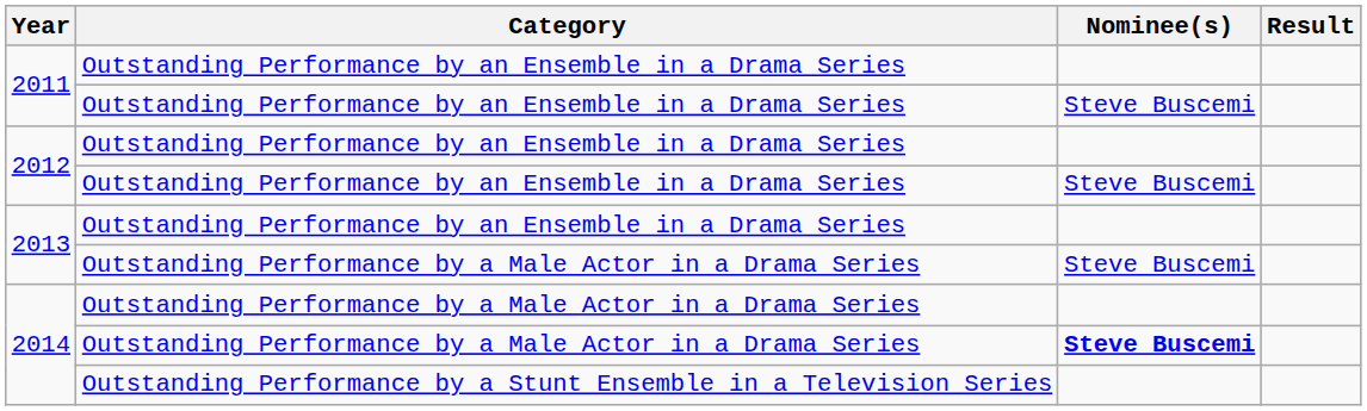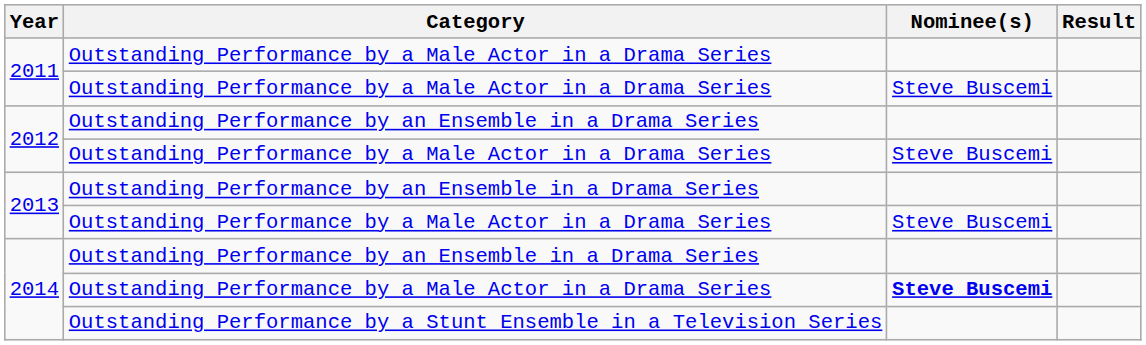 <table class="wikitable">
 <tr>
 <th>Year</th>
 <th>Category</th>
 <th>Nominee(s)</th>
 <th>Result</th>
 </tr>
 <tr>
 <td rowspan=2><a href='#'>2011</a></td>
-<td><a href='#'>Outstanding Performance by an Ensemble in a Drama Series</a></td>
+<td><a href='#'>Outstanding Performance by a Male Actor in a Drama Series</a></td>
 <td></td>
 <td></td>
 </tr>
 <tr>
-<td><a href='#'>Outstanding Performance by an Ensemble in a Drama Series</a></td>
+<td><a href='#'>Outstanding Performance by a Male Actor in a Drama Series</a></td>
 <td><a href='#'>Steve Buscemi</a></td>
 <td></td>
 </tr>
 <tr>
 <td rowspan=2><a href='#'>2012</a></td>
 <td><a href='#'>Outstanding Performance by an Ensemble in a Drama Series</a></td>
 <td></td>
 <td></td>
 </tr>
 <tr>
-<td><a href='#'>Outstanding Performance by an Ensemble in a Drama Series</a></td>
+<td><a href='#'>Outstanding Performance by a Male Actor in a Drama Series</a></td>
 <td><a href='#'>Steve Buscemi</a></td>
 <td></td>
 </tr>
 <tr>
 <td rowspan=2><a href='#'>2013</a></td>
 <td><a href='#'>Outstanding Performance by an Ensemble in a Drama Series</a></td>
 <td></td>
 <td></td>
 </tr>
 <tr>
 <td><a href='#'>Outstanding Performance by a Male Actor in a Drama Series</a></td>
 <td><a href='#'>Steve Buscemi</a></td>
 <td></td>
 </tr>
 <tr>
 <td rowspan=3><a href='#'>2014</a></td>
-<td><a href='#'>Outstanding Performance by a Male Actor in a Drama Series</a></td>
+<td><a href='#'>Outstanding Performance by an Ensemble in a Drama Series</a></td>
 <td></td>
 <td></td>
 </tr>
 <tr>
 <td><a href='#'>Outstanding Performance by a Male Actor in a Drama Series</a></td>
 <td><strong><a href='#'>Steve Buscemi</a></strong></td>
 <td></td>
 </tr>
 <tr>
 <td><a href='#'>Outstanding Performance by a Stunt Ensemble in a Television Series</a></td>
 <td></td>
 <td></td>
 </tr>
 </table>
